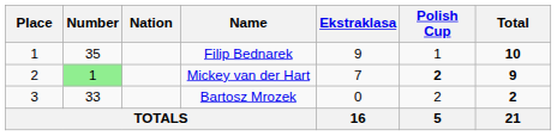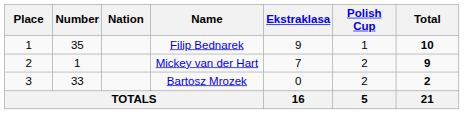 <table class="wikitable" style="font-size: 100%; text-align: center;">
 <tr>
 <th width=60>Place</th>
 <th width=60>Number</th>
 <th width=60>Nation</th>
 <th width=150>Name</th>
 <th width=80><a href='#'>Ekstraklasa</a></th>
 <th width=80><a href='#'>Polish Cup</a></th>
 <th width=80>Total</th>
 </tr>
 <tr>
 <td rowspan="1">1</td>
 <td>35</td>
 <td></td>
 <td><a href='#'>Filip Bednarek</a></td>
 <td>9</td>
 <td>1</td>
 <td rowspan="1"><strong>10</strong></td>
 </tr>
 <tr>
 <td rowspan="1">2</td>
-<td style="background: lightgreen;">1</td>
+<td>1</td>
 <td></td>
 <td><a href='#'>Mickey van der Hart</a></td>
 <td>7</td>
-<td><strong>2</strong></td>
+<td>2</td>
 <td rowspan="1"><strong>9</strong></td>
 </tr>
 <tr>
 <td rowspan="1">3</td>
 <td>33</td>
 <td></td>
 <td><a href='#'>Bartosz Mrozek</a></td>
 <td>0</td>
 <td>2</td>
 <td rowspan="1"><strong>2</strong></td>
 </tr>
 <tr>
 <th colspan="4">TOTALS</th>
 <th>16</th>
 <th>5</th>
 <th>21</th>
 </tr>
 </table>
